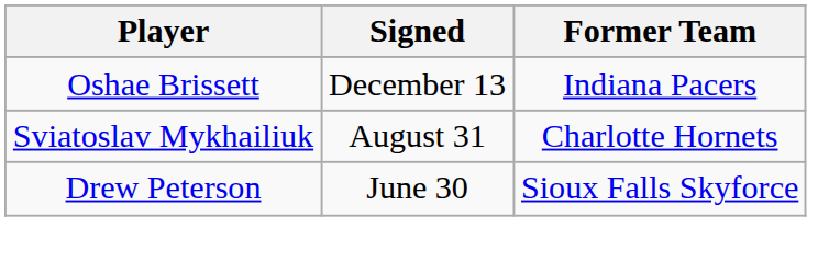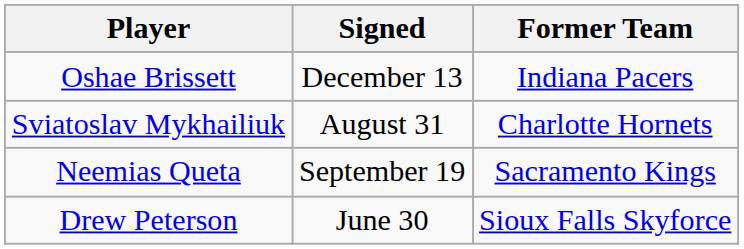 <table class="wikitable sortable sortable" style="text-align: center">
 <tr>
 <th>Player</th>
 <th>Signed</th>
 <th>Former Team</th>
 </tr>
 <tr>
 <td><a href='#'>Oshae Brissett</a></td>
 <td>December 13</td>
 <td><a href='#'>Indiana Pacers</a></td>
 </tr>
 <tr>
 <td><a href='#'>Sviatoslav Mykhailiuk</a></td>
 <td>August 31</td>
 <td><a href='#'>Charlotte Hornets</a></td>
 </tr>
 <tr>
+<td><a href='#'>Neemias Queta</a></td>
+<td>September 19</td>
+<td><a href='#'>Sacramento Kings</a></td>
+</tr>
+<tr>
 <td><a href='#'>Drew Peterson</a></td>
 <td>June 30</td>
 <td><a href='#'>Sioux Falls Skyforce</a></td>
 </tr>
 </table>
